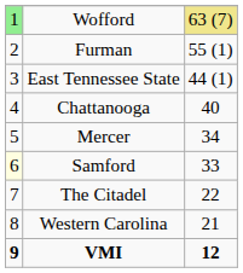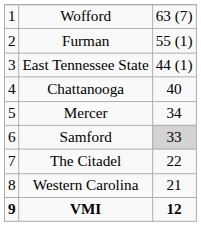 <table class="wikitable" style="display: inline-table;">
 <tr align="center">
 </tr>
 <tr align="center">
-<td style="background: lightgreen;">1</td>
+<td>1</td>
 <td>Wofford</td>
-<td style="background: khaki;">63 (7)</td>
+<td>63 (7)</td>
 </tr>
 <tr align="center">
 <td>2</td>
 <td>Furman</td>
 <td>55 (1)</td>
 </tr>
 <tr align="center">
 <td>3</td>
 <td>East Tennessee State</td>
 <td>44 (1)</td>
 </tr>
 <tr align="center">
 <td>4</td>
 <td>Chattanooga</td>
 <td>40</td>
 </tr>
 <tr align="center">
 <td>5</td>
 <td>Mercer</td>
 <td>34</td>
 </tr>
 <tr align="center">
-<td style="background: lightyellow;">6</td>
+<td>6</td>
 <td>Samford</td>
-<td>33</td>
+<td style="background: lightgrey;">33</td>
 </tr>
 <tr align="center">
 <td>7</td>
 <td>The Citadel</td>
 <td>22</td>
 </tr>
 <tr align="center">
 <td>8</td>
 <td>Western Carolina</td>
 <td>21</td>
 </tr>
 <tr align="center">
 <td><strong>9</strong></td>
 <td><strong>VMI</strong></td>
 <td><strong>12</strong></td>
 </tr>
 </table>
